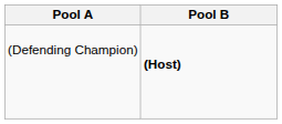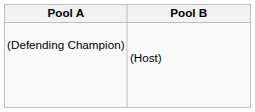 <table class="wikitable">
 <tr>
 <th width=50%>Pool A</th>
 <th width=50%>Pool B</th>
 </tr>
 <tr>
 <td><br> (Defending Champion)<br> <br> <br> <br> <br> </td>
-<td><strong><br><br>  (Host)<br> <br> <br> <br> </strong></td>
+<td><br><br>  (Host)<br> <br> <br> <br> </td>
 </tr>
 </table>
